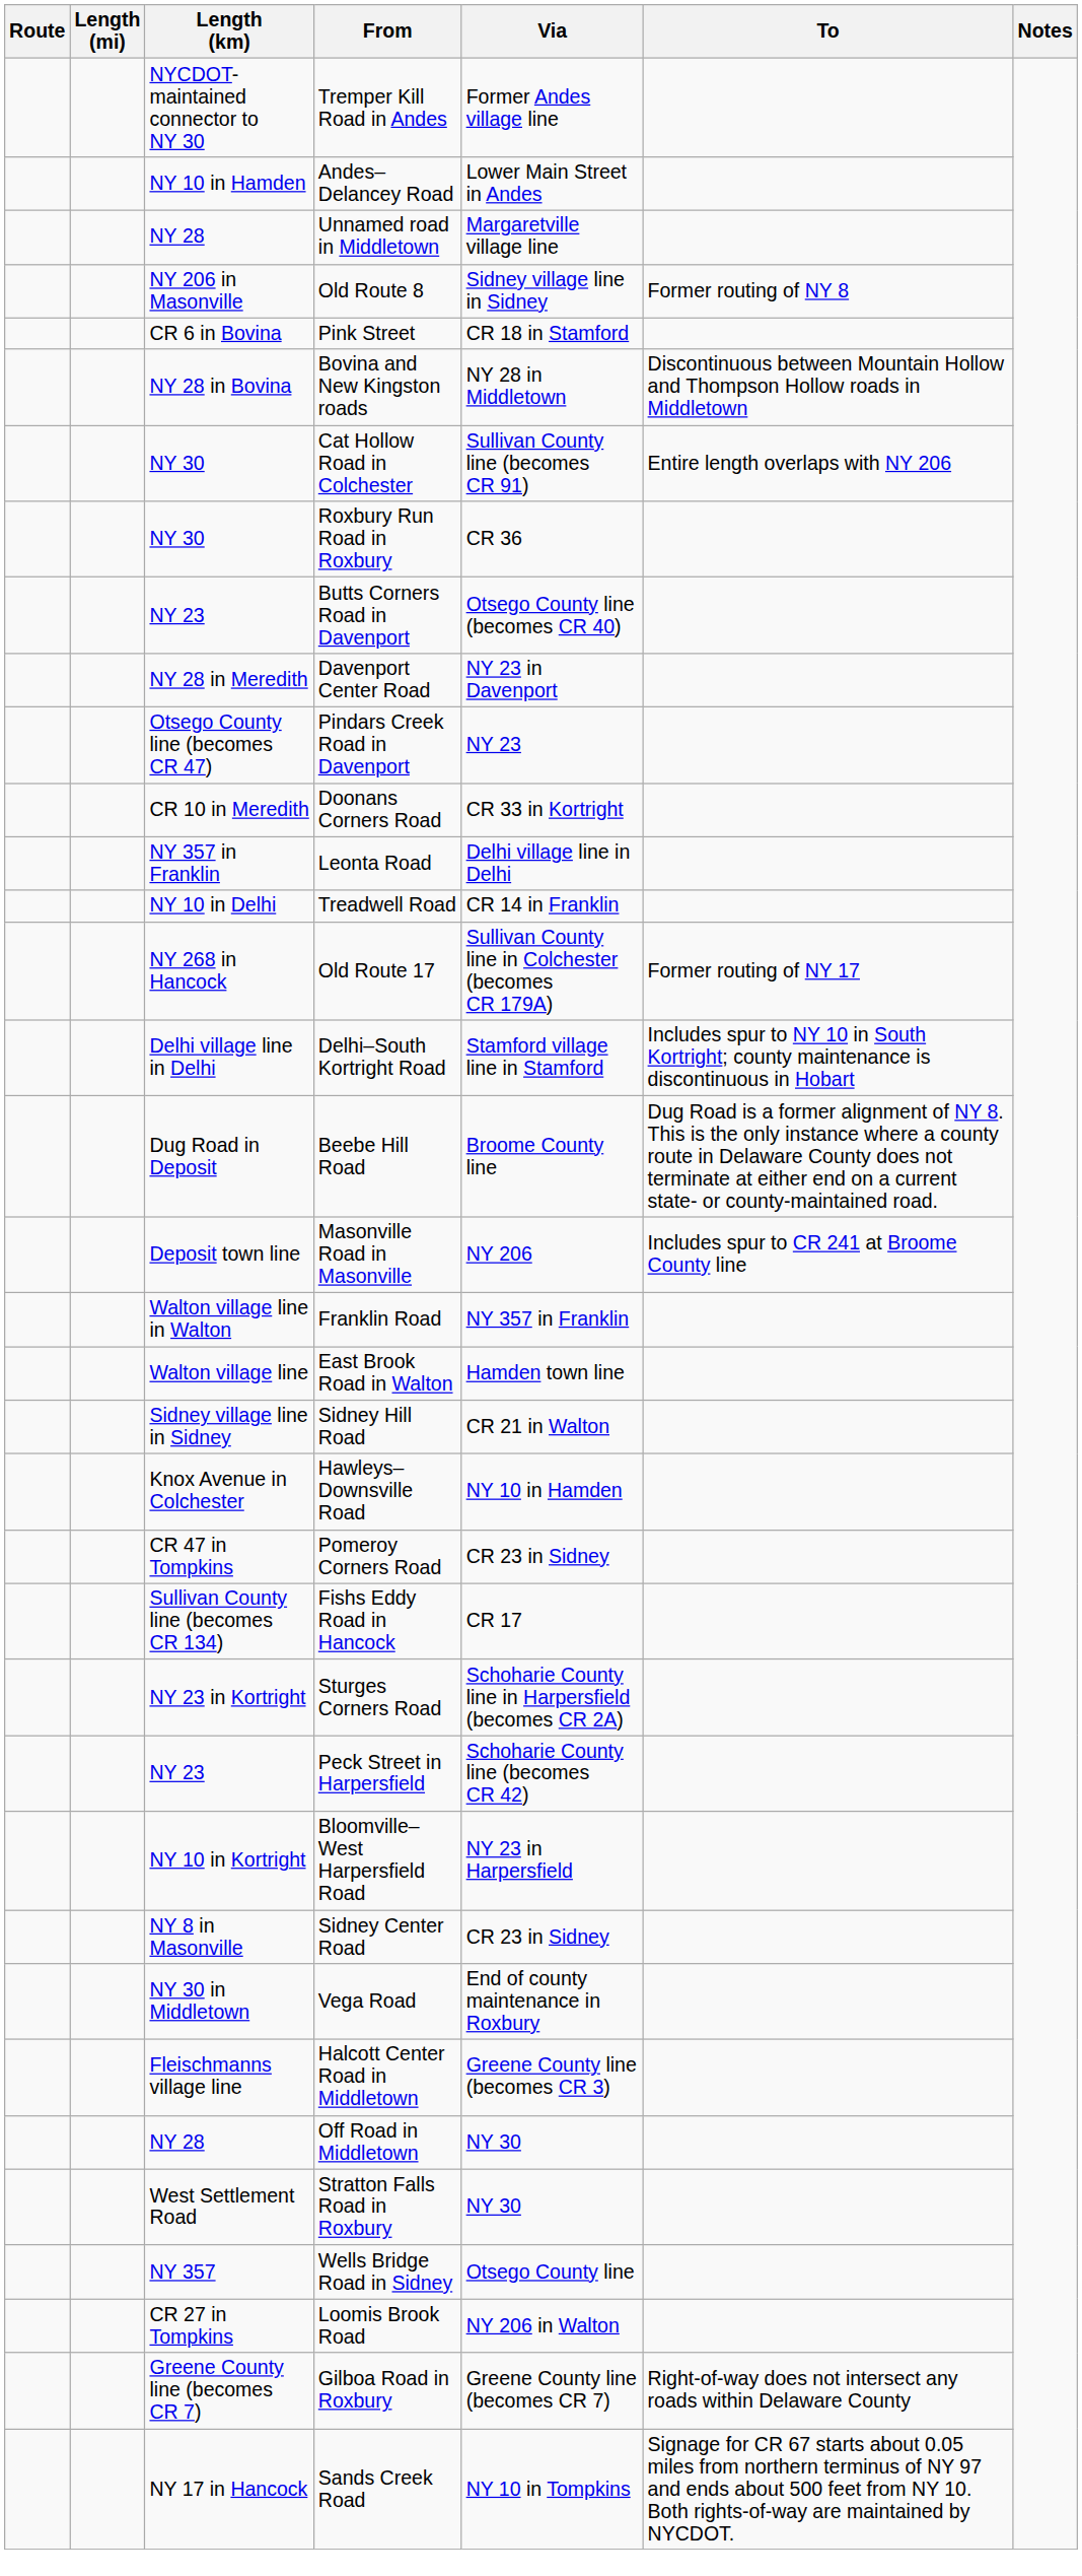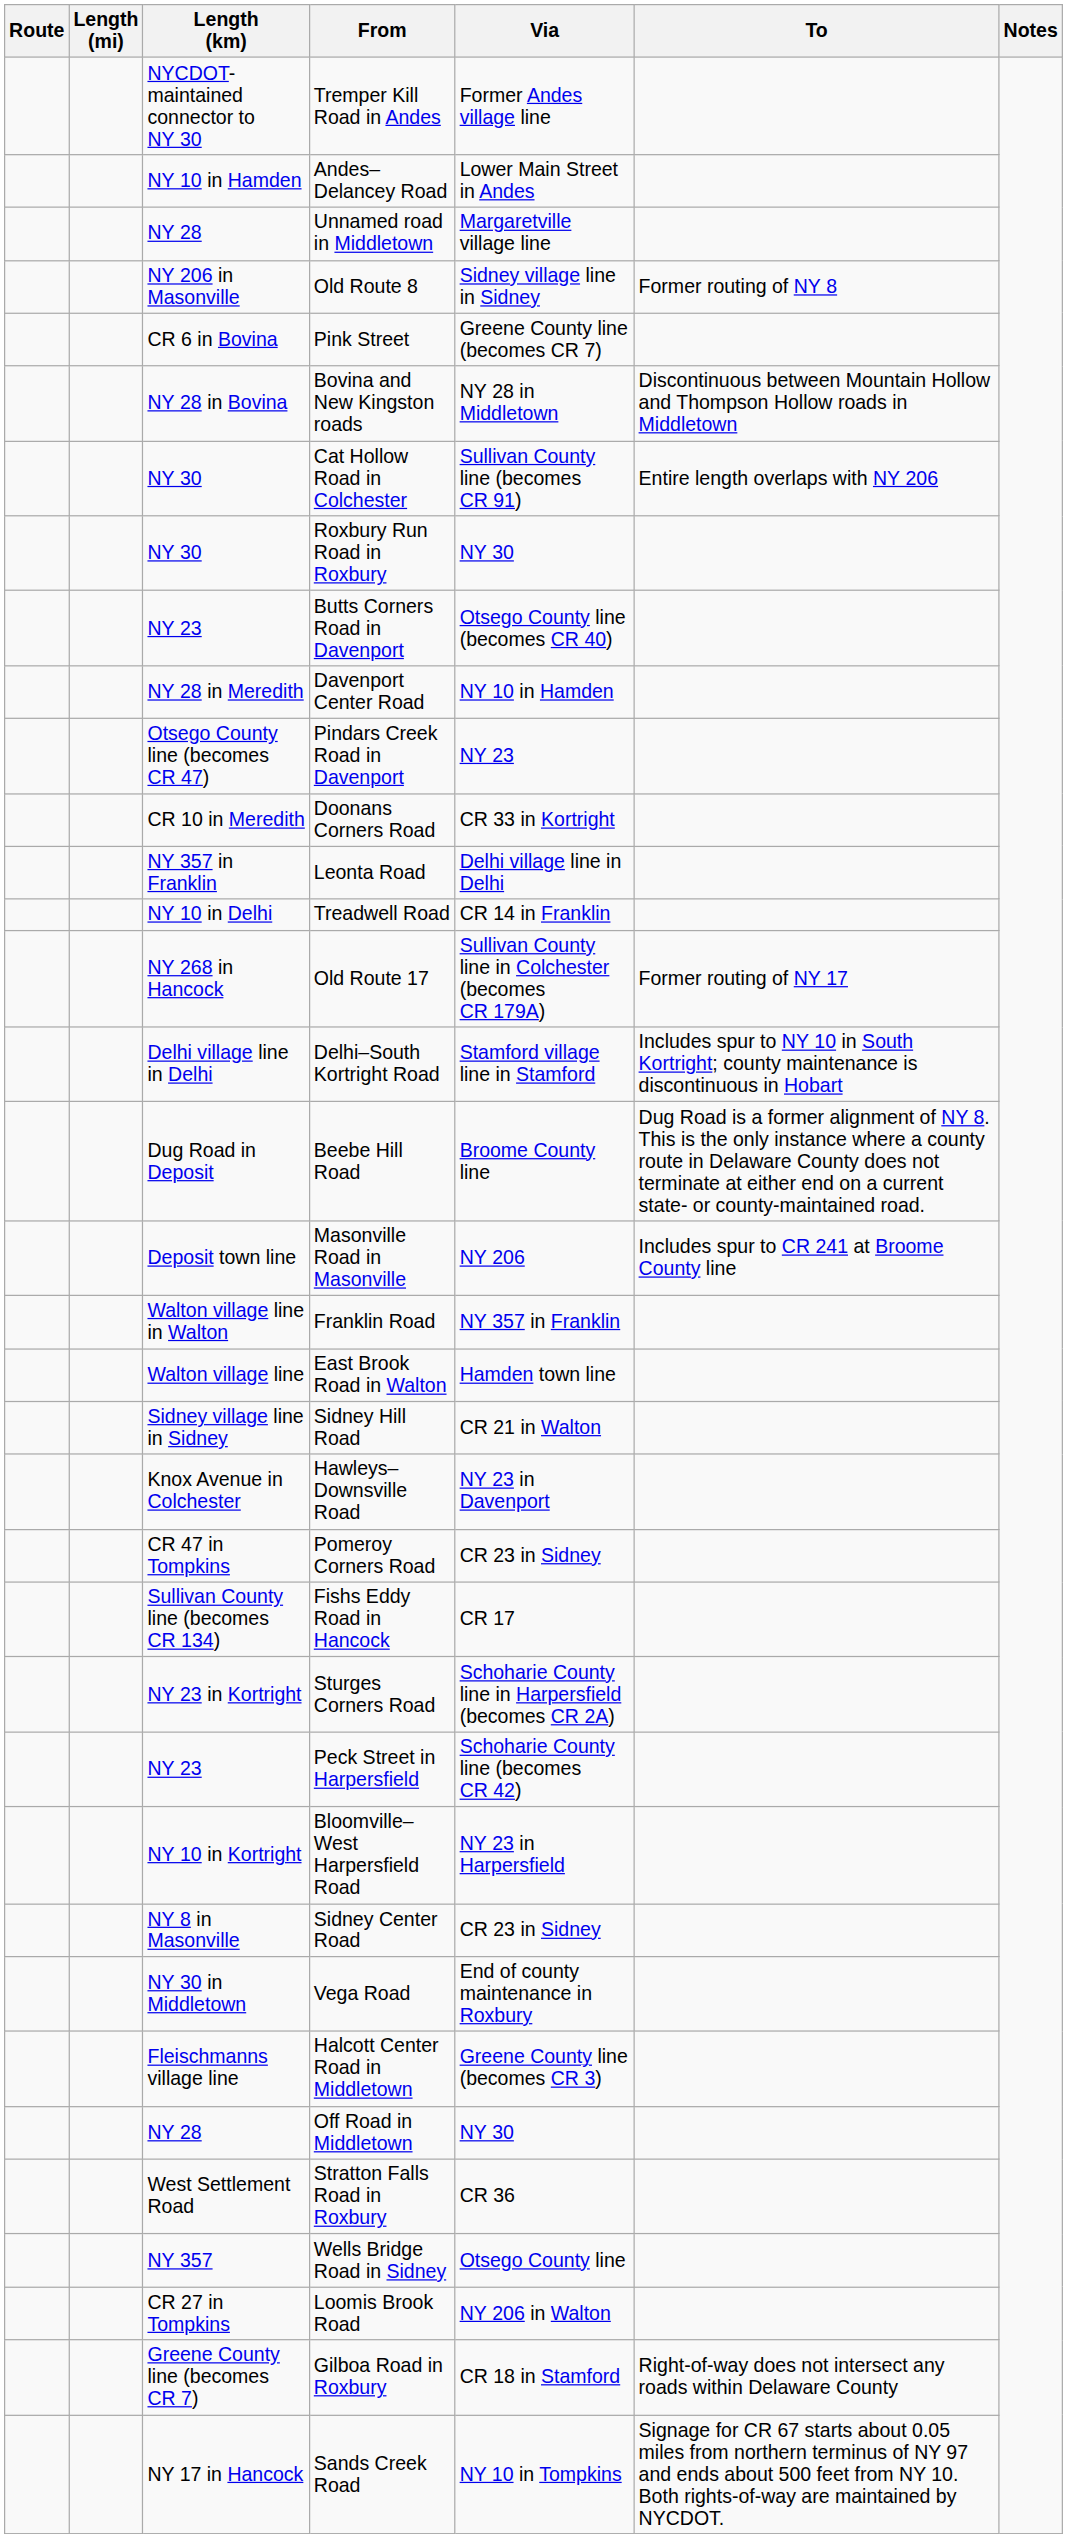 <table class="wikitable sortable">
 <tr>
 <th>Route</th>
 <th>Length<br>(mi)</th>
 <th>Length<br>(km)</th>
 <th class="unsortable">From</th>
 <th class="unsortable">Via</th>
 <th class="unsortable">To</th>
 <th class="unsortable">Notes</th>
 </tr>
 <tr>
 <td id="1"></td>
 <td></td>
 <td><a href='#'>NYCDOT</a>-maintained connector to <a href='#'>NY&nbsp;30</a></td>
 <td>Tremper Kill Road in <a href='#'>Andes</a></td>
 <td>Former <a href='#'>Andes village</a> line</td>
 <td></td>
 </tr>
 <tr>
 <td id="2"></td>
 <td></td>
 <td><a href='#'>NY&nbsp;10</a> in <a href='#'>Hamden</a></td>
 <td>Andes–Delancey Road</td>
 <td>Lower Main Street in <a href='#'>Andes</a></td>
 <td></td>
 </tr>
 <tr>
 <td id="3"></td>
 <td></td>
 <td><a href='#'>NY&nbsp;28</a></td>
 <td>Unnamed road in <a href='#'>Middletown</a></td>
 <td><a href='#'>Margaretville</a> village line</td>
 <td></td>
 </tr>
 <tr>
 <td id="4"></td>
 <td></td>
 <td><a href='#'>NY&nbsp;206</a> in <a href='#'>Masonville</a></td>
 <td>Old Route 8</td>
 <td><a href='#'>Sidney village</a> line in <a href='#'>Sidney</a></td>
 <td>Former routing of <a href='#'>NY&nbsp;8</a></td>
 </tr>
 <tr>
 <td id="5"></td>
 <td></td>
 <td>CR 6 in <a href='#'>Bovina</a></td>
 <td>Pink Street</td>
-<td>CR 18 in <a href='#'>Stamford</a></td>
+<td>Greene County line (becomes CR 7)</td>
 <td></td>
 </tr>
 <tr>
 <td id="6"></td>
 <td></td>
 <td><a href='#'>NY&nbsp;28</a> in <a href='#'>Bovina</a></td>
 <td>Bovina and New Kingston roads</td>
 <td>NY 28 in <a href='#'>Middletown</a></td>
 <td>Discontinuous between Mountain Hollow and Thompson Hollow roads in <a href='#'>Middletown</a></td>
 </tr>
 <tr>
 <td id="7"></td>
 <td></td>
 <td><a href='#'>NY&nbsp;30</a></td>
 <td>Cat Hollow Road in <a href='#'>Colchester</a></td>
 <td><a href='#'>Sullivan County</a> line (becomes <a href='#'>CR 91</a>)</td>
 <td>Entire length overlaps with <a href='#'>NY&nbsp;206</a></td>
 </tr>
 <tr>
 <td id="8"></td>
 <td></td>
 <td><a href='#'>NY&nbsp;30</a></td>
 <td>Roxbury Run Road in <a href='#'>Roxbury</a></td>
-<td>CR 36</td>
+<td><a href='#'>NY&nbsp;30</a></td>
 <td></td>
 </tr>
 <tr>
 <td id="9"></td>
 <td></td>
 <td><a href='#'>NY&nbsp;23</a></td>
 <td>Butts Corners Road in <a href='#'>Davenport</a></td>
 <td><a href='#'>Otsego County</a> line (becomes <a href='#'>CR 40</a>)</td>
 <td></td>
 </tr>
 <tr>
 <td id="10"></td>
 <td></td>
 <td><a href='#'>NY&nbsp;28</a> in <a href='#'>Meredith</a></td>
 <td>Davenport Center Road</td>
-<td><a href='#'>NY&nbsp;23</a> in <a href='#'>Davenport</a></td>
+<td><a href='#'>NY&nbsp;10</a> in <a href='#'>Hamden</a></td>
 <td></td>
 </tr>
 <tr>
 <td id="11"></td>
 <td></td>
 <td><a href='#'>Otsego County</a> line (becomes <a href='#'>CR 47</a>)</td>
 <td>Pindars Creek Road in <a href='#'>Davenport</a></td>
 <td><a href='#'>NY&nbsp;23</a></td>
 <td></td>
 </tr>
 <tr>
 <td id="12"></td>
 <td></td>
 <td>CR 10 in <a href='#'>Meredith</a></td>
 <td>Doonans Corners Road</td>
 <td>CR 33 in <a href='#'>Kortright</a></td>
 <td></td>
 </tr>
 <tr>
 <td id="14"></td>
 <td></td>
 <td><a href='#'>NY&nbsp;357</a> in <a href='#'>Franklin</a></td>
 <td>Leonta Road</td>
 <td><a href='#'>Delhi village</a> line in <a href='#'>Delhi</a></td>
 <td></td>
 </tr>
 <tr>
 <td id="16"></td>
 <td></td>
 <td><a href='#'>NY&nbsp;10</a> in <a href='#'>Delhi</a></td>
 <td>Treadwell Road</td>
 <td>CR 14 in <a href='#'>Franklin</a></td>
 <td></td>
 </tr>
 <tr>
 <td id="17"></td>
 <td></td>
 <td><a href='#'>NY&nbsp;268</a> in <a href='#'>Hancock</a></td>
 <td>Old Route 17</td>
 <td><a href='#'>Sullivan County</a> line in <a href='#'>Colchester</a> (becomes <a href='#'>CR 179A</a>)</td>
 <td>Former routing of <a href='#'>NY&nbsp;17</a></td>
 </tr>
 <tr>
 <td id="18"></td>
 <td></td>
 <td><a href='#'>Delhi village</a> line in <a href='#'>Delhi</a></td>
 <td>Delhi–South Kortright Road</td>
 <td><a href='#'>Stamford village</a> line in <a href='#'>Stamford</a></td>
 <td>Includes spur to <a href='#'>NY&nbsp;10</a> in <a href='#'>South Kortright</a>; county maintenance is discontinuous in <a href='#'>Hobart</a></td>
 </tr>
 <tr>
 <td id="19"></td>
 <td></td>
 <td>Dug Road in <a href='#'>Deposit</a></td>
 <td>Beebe Hill Road</td>
 <td><a href='#'>Broome County</a> line</td>
 <td>Dug Road is a former alignment of <a href='#'>NY 8</a>. This is the only instance where a county route in Delaware County does not terminate at either end on a current state- or county-maintained road.</td>
 </tr>
 <tr>
 <td id="20"></td>
 <td></td>
 <td><a href='#'>Deposit</a> town line</td>
 <td>Masonville Road in <a href='#'>Masonville</a></td>
 <td><a href='#'>NY&nbsp;206</a></td>
 <td>Includes spur to <a href='#'>CR 241</a> at <a href='#'>Broome County</a> line</td>
 </tr>
 <tr>
 <td id="21"></td>
 <td></td>
 <td><a href='#'>Walton village</a> line in <a href='#'>Walton</a></td>
 <td>Franklin Road</td>
 <td><a href='#'>NY&nbsp;357</a> in <a href='#'>Franklin</a></td>
 <td></td>
 </tr>
 <tr>
 <td id="22"></td>
 <td></td>
 <td><a href='#'>Walton village</a> line</td>
 <td>East Brook Road in <a href='#'>Walton</a></td>
 <td><a href='#'>Hamden</a> town line</td>
 <td></td>
 </tr>
 <tr>
 <td id="23"></td>
 <td></td>
 <td><a href='#'>Sidney village</a> line in <a href='#'>Sidney</a></td>
 <td>Sidney Hill Road</td>
 <td>CR 21 in <a href='#'>Walton</a></td>
 <td></td>
 </tr>
 <tr>
 <td id="26"></td>
 <td></td>
 <td>Knox Avenue in <a href='#'>Colchester</a></td>
 <td>Hawleys–Downsville Road</td>
-<td><a href='#'>NY&nbsp;10</a> in <a href='#'>Hamden</a></td>
+<td><a href='#'>NY&nbsp;23</a> in <a href='#'>Davenport</a></td>
 <td></td>
 </tr>
 <tr>
 <td id="27"></td>
 <td></td>
 <td>CR 47 in <a href='#'>Tompkins</a></td>
 <td>Pomeroy Corners Road</td>
 <td>CR 23 in <a href='#'>Sidney</a></td>
 <td></td>
 </tr>
 <tr>
 <td id="28"></td>
 <td></td>
 <td><a href='#'>Sullivan County</a> line (becomes <a href='#'>CR 134</a>)</td>
 <td>Fishs Eddy Road in <a href='#'>Hancock</a></td>
 <td>CR 17</td>
 <td></td>
 </tr>
 <tr>
 <td id="29"></td>
 <td></td>
 <td><a href='#'>NY&nbsp;23</a> in <a href='#'>Kortright</a></td>
 <td>Sturges Corners Road</td>
 <td><a href='#'>Schoharie County</a> line in <a href='#'>Harpersfield</a> (becomes <a href='#'>CR 2A</a>)</td>
 <td></td>
 </tr>
 <tr>
 <td id="30"></td>
 <td></td>
 <td><a href='#'>NY&nbsp;23</a></td>
 <td>Peck Street in <a href='#'>Harpersfield</a></td>
 <td><a href='#'>Schoharie County</a> line (becomes <a href='#'>CR 42</a>)</td>
 <td></td>
 </tr>
 <tr>
 <td id="33"></td>
 <td></td>
 <td><a href='#'>NY&nbsp;10</a> in <a href='#'>Kortright</a></td>
 <td>Bloomville–West Harpersfield Road</td>
 <td><a href='#'>NY&nbsp;23</a> in <a href='#'>Harpersfield</a></td>
 <td></td>
 </tr>
 <tr>
 <td id="35"></td>
 <td></td>
 <td><a href='#'>NY&nbsp;8</a> in <a href='#'>Masonville</a></td>
 <td>Sidney Center Road</td>
 <td>CR 23 in <a href='#'>Sidney</a></td>
 <td></td>
 </tr>
 <tr>
 <td id="36"></td>
 <td></td>
 <td><a href='#'>NY&nbsp;30</a> in <a href='#'>Middletown</a></td>
 <td>Vega Road</td>
 <td>End of county maintenance in <a href='#'>Roxbury</a></td>
 <td></td>
 </tr>
 <tr>
 <td id="37"></td>
 <td></td>
 <td><a href='#'>Fleischmanns</a> village line</td>
 <td>Halcott Center Road in <a href='#'>Middletown</a></td>
 <td><a href='#'>Greene County</a> line (becomes <a href='#'>CR 3</a>)</td>
 <td></td>
 </tr>
 <tr>
 <td id="38"></td>
 <td></td>
 <td><a href='#'>NY&nbsp;28</a></td>
 <td>Off Road in <a href='#'>Middletown</a></td>
 <td><a href='#'>NY&nbsp;30</a></td>
 <td></td>
 </tr>
 <tr>
 <td id="41"></td>
 <td></td>
 <td>West Settlement Road</td>
 <td>Stratton Falls Road in <a href='#'>Roxbury</a></td>
-<td><a href='#'>NY&nbsp;30</a></td>
+<td>CR 36</td>
 <td></td>
 </tr>
 <tr>
 <td id="44"></td>
 <td></td>
 <td><a href='#'>NY&nbsp;357</a></td>
 <td>Wells Bridge Road in <a href='#'>Sidney</a></td>
 <td><a href='#'>Otsego County</a> line</td>
 <td></td>
 </tr>
 <tr>
 <td id="47"></td>
 <td></td>
 <td>CR 27 in <a href='#'>Tompkins</a></td>
 <td>Loomis Brook Road</td>
 <td><a href='#'>NY&nbsp;206</a> in <a href='#'>Walton</a></td>
 <td></td>
 </tr>
 <tr>
 <td id="53"></td>
 <td></td>
 <td><a href='#'>Greene County</a> line (becomes <a href='#'>CR 7</a>)</td>
 <td>Gilboa Road in <a href='#'>Roxbury</a></td>
-<td>Greene County line (becomes CR 7)</td>
+<td>CR 18 in <a href='#'>Stamford</a></td>
 <td>Right-of-way does not intersect any roads within Delaware County</td>
 </tr>
 <tr>
 <td id="67"></td>
 <td></td>
 <td>NY 17 in <a href='#'>Hancock</a></td>
 <td>Sands Creek Road</td>
 <td><a href='#'>NY 10</a> in <a href='#'>Tompkins</a></td>
 <td>Signage for CR 67 starts about 0.05 miles from northern terminus of NY 97 and ends about 500 feet from NY 10. Both rights-of-way are maintained by NYCDOT.</td>
 </tr>
 </table>
